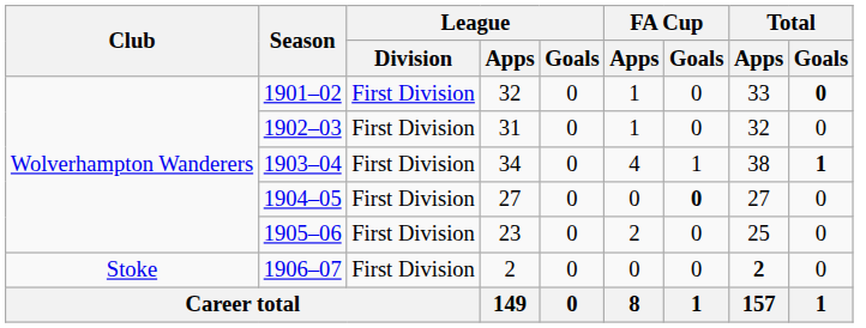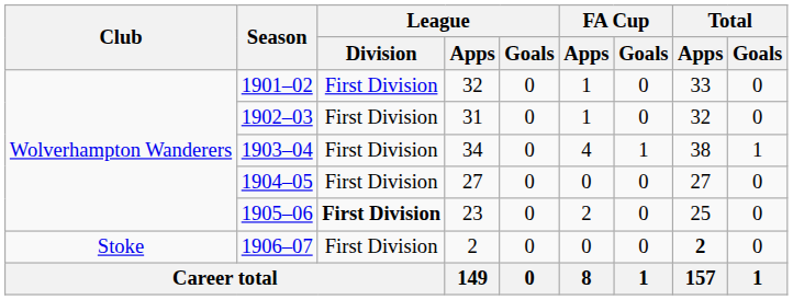 <table class="wikitable" style="text-align: center;">
 <tr>
 <th rowspan="2">Club</th>
 <th rowspan="2">Season</th>
 <th colspan="3">League</th>
 <th colspan="2">FA Cup</th>
 <th colspan="2">Total</th>
 </tr>
 <tr>
 <th>Division</th>
 <th>Apps</th>
 <th>Goals</th>
 <th>Apps</th>
 <th>Goals</th>
 <th>Apps</th>
 <th>Goals</th>
 </tr>
 <tr>
 <td rowspan="5"><a href='#'>Wolverhampton Wanderers</a></td>
 <td><a href='#'>1901–02</a></td>
 <td><a href='#'>First Division</a></td>
 <td>32</td>
 <td>0</td>
 <td>1</td>
 <td>0</td>
 <td>33</td>
-<td><strong>0</strong></td>
+<td>0</td>
 </tr>
 <tr>
 <td><a href='#'>1902–03</a></td>
 <td>First Division</td>
 <td>31</td>
 <td>0</td>
 <td>1</td>
 <td>0</td>
 <td>32</td>
 <td>0</td>
 </tr>
 <tr>
 <td><a href='#'>1903–04</a></td>
 <td>First Division</td>
 <td>34</td>
 <td>0</td>
 <td>4</td>
 <td>1</td>
 <td>38</td>
-<td><strong>1</strong></td>
+<td>1</td>
 </tr>
 <tr>
 <td><a href='#'>1904–05</a></td>
 <td>First Division</td>
 <td>27</td>
 <td>0</td>
 <td>0</td>
-<td><strong>0</strong></td>
+<td>0</td>
 <td>27</td>
 <td>0</td>
 </tr>
 <tr>
 <td><a href='#'>1905–06</a></td>
-<td>First Division</td>
+<td><strong>First Division</strong></td>
 <td>23</td>
 <td>0</td>
 <td>2</td>
 <td>0</td>
 <td>25</td>
 <td>0</td>
 </tr>
 <tr>
 <td><a href='#'>Stoke</a></td>
 <td><a href='#'>1906–07</a></td>
 <td>First Division</td>
 <td>2</td>
 <td>0</td>
 <td>0</td>
 <td>0</td>
 <td><strong>2</strong></td>
 <td>0</td>
 </tr>
 <tr>
 <th colspan="3">Career total</th>
 <th>149</th>
 <th>0</th>
 <th>8</th>
 <th>1</th>
 <th>157</th>
 <th>1</th>
 </tr>
 </table>
